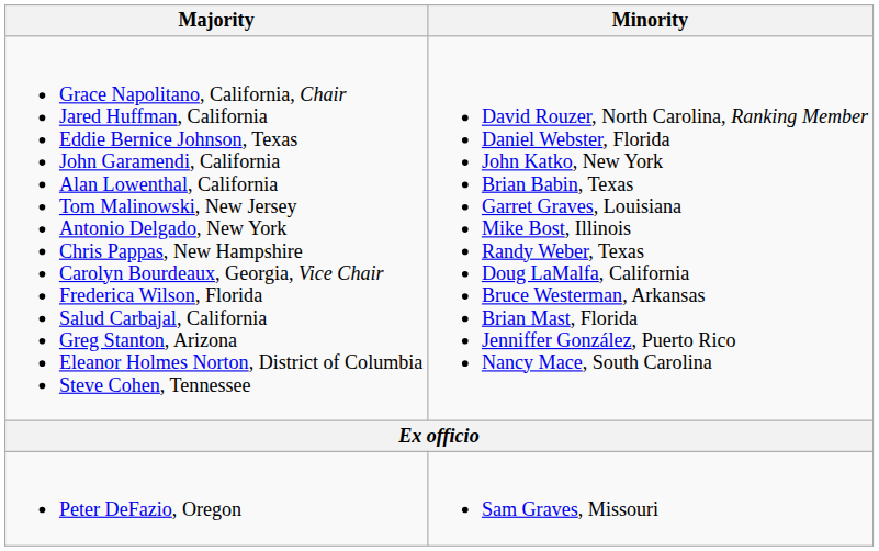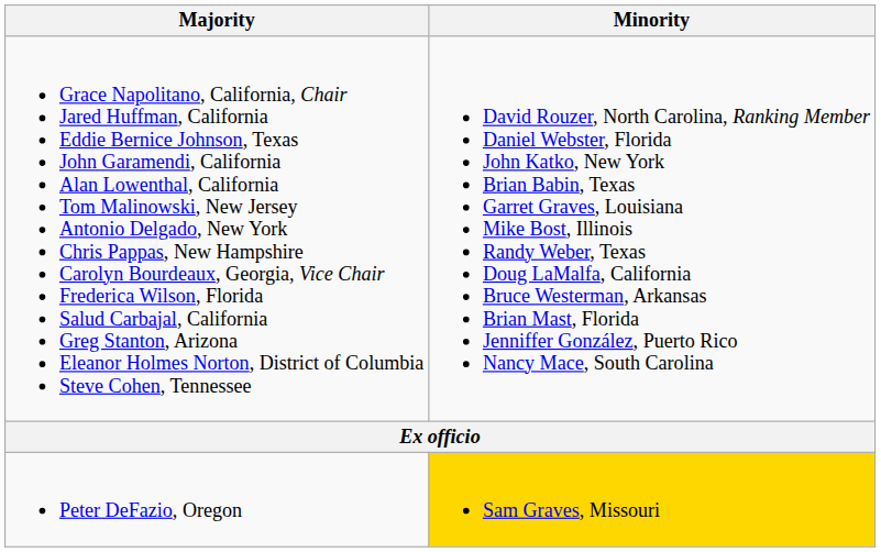 <table class=wikitable>
 <tr>
 <th>Majority</th>
 <th>Minority</th>
 </tr>
 <tr>
 <td><br><ul><li><a href='#'>Grace Napolitano</a>, California, <em>Chair</em></li><li><a href='#'>Jared Huffman</a>, California</li><li><a href='#'>Eddie Bernice Johnson</a>, Texas</li><li><a href='#'>John Garamendi</a>, California</li><li><a href='#'>Alan Lowenthal</a>, California</li><li><a href='#'>Tom Malinowski</a>, New Jersey</li><li><a href='#'>Antonio Delgado</a>, New York</li><li><a href='#'>Chris Pappas</a>, New Hampshire</li><li><a href='#'>Carolyn Bourdeaux</a>, Georgia, <em>Vice Chair</em></li><li><a href='#'>Frederica Wilson</a>, Florida</li><li><a href='#'>Salud Carbajal</a>, California</li><li><a href='#'>Greg Stanton</a>, Arizona</li><li><a href='#'>Eleanor Holmes Norton</a>, District of Columbia</li><li><a href='#'>Steve Cohen</a>, Tennessee</li></ul></td>
 <td><br><ul><li><a href='#'>David Rouzer</a>, North Carolina, <em>Ranking Member</em></li><li><a href='#'>Daniel Webster</a>, Florida</li><li><a href='#'>John Katko</a>, New York</li><li><a href='#'>Brian Babin</a>, Texas</li><li><a href='#'>Garret Graves</a>, Louisiana</li><li><a href='#'>Mike Bost</a>, Illinois</li><li><a href='#'>Randy Weber</a>, Texas</li><li><a href='#'>Doug LaMalfa</a>, California</li><li><a href='#'>Bruce Westerman</a>, Arkansas</li><li><a href='#'>Brian Mast</a>, Florida</li><li><a href='#'>Jenniffer González</a>, Puerto Rico</li><li><a href='#'>Nancy Mace</a>, South Carolina</li></ul></td>
 </tr>
 <tr>
 <th colspan=2><em>Ex officio</em></th>
 </tr>
 <tr>
 <td><br><ul><li><a href='#'>Peter DeFazio</a>, Oregon</li></ul></td>
-<td><br><ul><li><a href='#'>Sam Graves</a>, Missouri</li></ul></td>
+<td style="background: gold;"><br><ul><li><a href='#'>Sam Graves</a>, Missouri</li></ul></td>
 </tr>
 </table>
